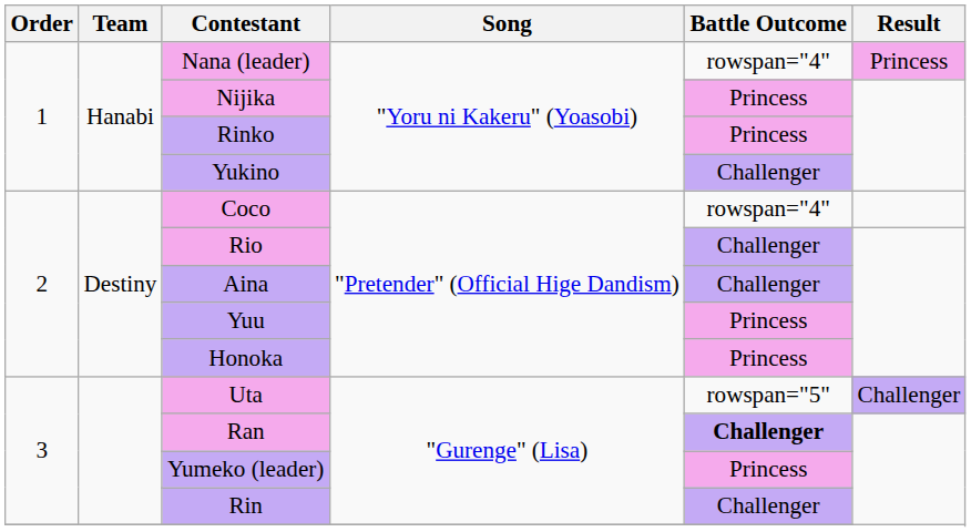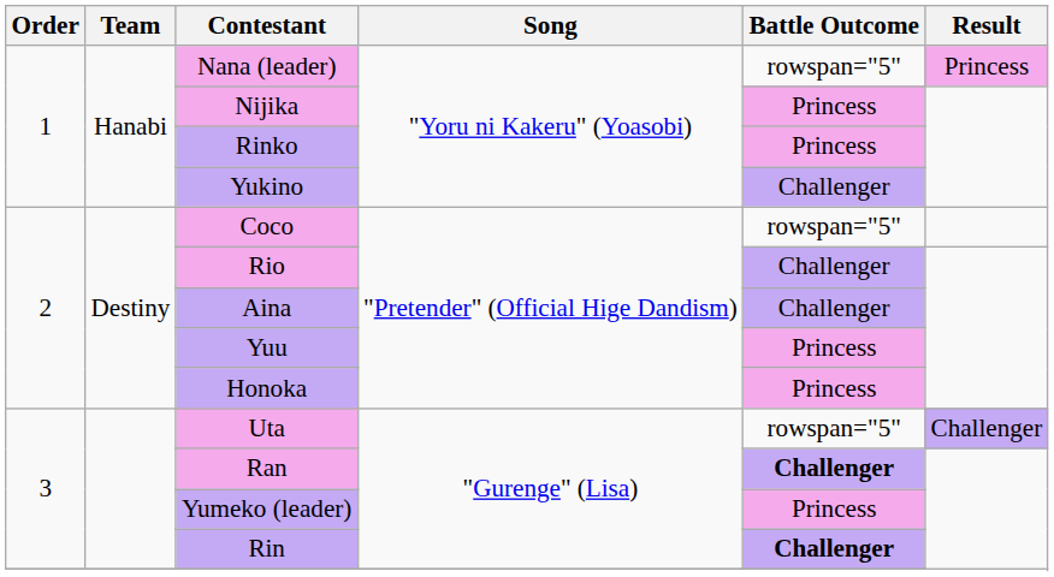 <table class="wikitable sortable" style="text-align:center;">
 <tr>
 <th>Order</th>
 <th>Team</th>
 <th>Contestant</th>
 <th>Song</th>
 <th>Battle Outcome</th>
 <th>Result</th>
 </tr>
 <tr>
 <td rowspan="4">1</td>
 <td rowspan="4">Hanabi</td>
 <td style="background:#F5AAEC;">Nana (leader)</td>
 <td rowspan="4">"<a href='#'>Yoru ni Kakeru</a>" (<a href='#'>Yoasobi</a>)</td>
-<td>rowspan="4" </td>
+<td>rowspan="5" </td>
 <td style="background:#F5AAEC;">Princess</td>
 </tr>
 <tr>
 <td style="background:#F5AAEC;">Nijika</td>
 <td style="background:#F5AAEC;">Princess</td>
 </tr>
 <tr>
 <td style="background:#c4aaf5;">Rinko</td>
 <td style="background:#F5AAEC;">Princess</td>
 </tr>
 <tr>
 <td style="background:#c4aaf5;">Yukino</td>
 <td style="background:#c4aaf5;">Challenger</td>
 </tr>
 <tr>
 <td rowspan="5">2</td>
 <td rowspan="5">Destiny</td>
 <td style="background:#F5AAEC;">Coco</td>
 <td rowspan="5">"<a href='#'>Pretender</a>" (<a href='#'>Official Hige Dandism</a>)</td>
-<td>rowspan="4" </td>
+<td>rowspan="5" </td>
 <td></td>
 </tr>
 <tr>
 <td style="background:#F5AAEC;">Rio</td>
 <td style="background:#c4aaf5;">Challenger</td>
 </tr>
 <tr>
 <td style="background:#c4aaf5;">Aina</td>
 <td style="background:#c4aaf5;">Challenger</td>
 </tr>
 <tr>
 <td style="background:#c4aaf5;">Yuu</td>
 <td style="background:#F5AAEC;">Princess</td>
 </tr>
 <tr>
 <td style="background:#c4aaf5;">Honoka</td>
 <td style="background:#F5AAEC;">Princess</td>
 </tr>
 <tr>
 <td rowspan="4">3</td>
 <td rowspan="4"></td>
 <td style="background:#F5AAEC;">Uta</td>
 <td rowspan="4">"<a href='#'>Gurenge</a>" (<a href='#'>Lisa</a>)</td>
 <td>rowspan="5" </td>
 <td style="background:#c4aaf5;">Challenger</td>
 </tr>
 <tr>
 <td style="background:#F5AAEC;">Ran</td>
 <td style="background:#c4aaf5;"><strong>Challenger</strong></td>
 </tr>
 <tr>
 <td style="background:#c4aaf5;">Yumeko (leader)</td>
 <td style="background:#F5AAEC;">Princess</td>
 </tr>
 <tr>
 <td style="background:#c4aaf5;">Rin</td>
-<td style="background:#c4aaf5;">Challenger</td>
+<td style="background:#c4aaf5;"><strong>Challenger</strong></td>
 </tr>
 <tr>
 </tr>
 </table>
